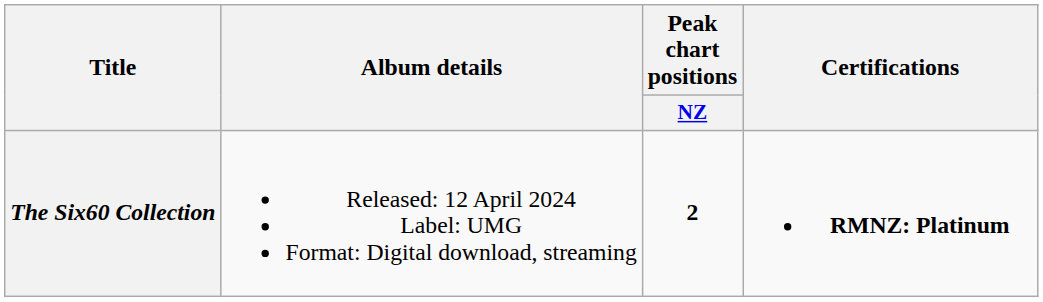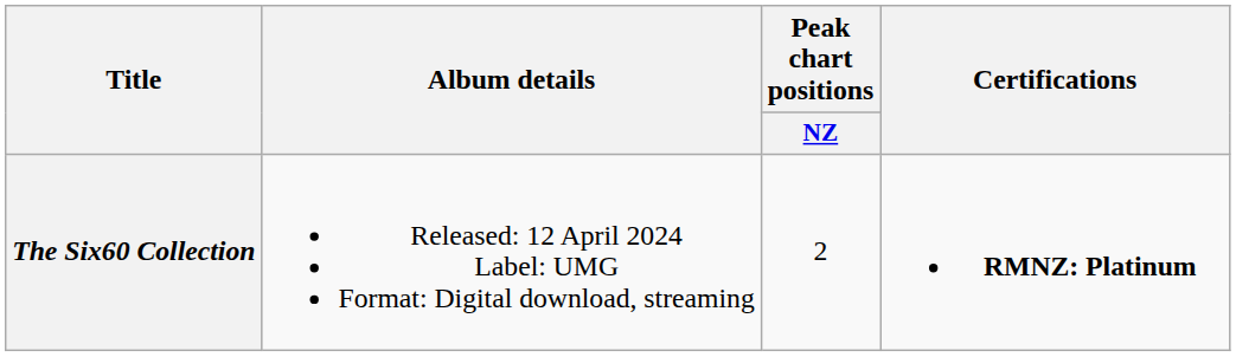 <table class="wikitable plainrowheaders" style="text-align:center;">
 <tr>
 <th scope="col" rowspan="2">Title</th>
 <th scope="col" rowspan="2">Album details</th>
 <th scope="col" colspan="1">Peak chart positions</th>
 <th scope="col" rowspan="2" style="width:12em;">Certifications</th>
 </tr>
 <tr>
 <th scope="col" style="width:3em;font-size:90%;"><a href='#'>NZ</a><br></th>
 </tr>
 <tr>
 <th scope="row"><em>The Six60 Collection</em></th>
 <td><br><ul><li>Released: 12 April 2024</li><li>Label: UMG</li><li>Format: Digital download, streaming</li></ul></td>
-<td><strong>2<br></strong></td>
+<td>2<br></td>
 <td><strong><br><ul><li>RMNZ: Platinum</li></ul></strong></td>
 </tr>
 </table>
